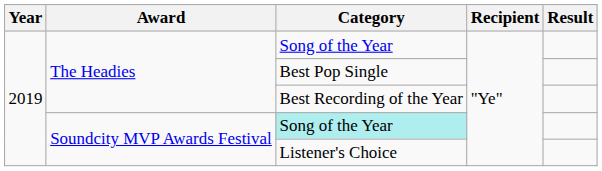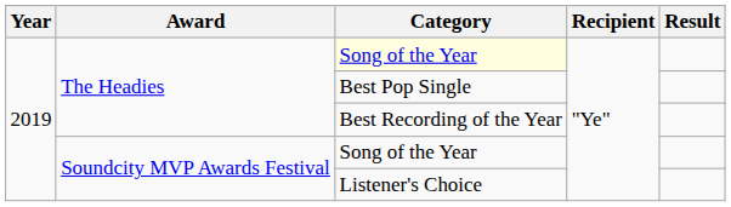 <table class="wikitable sortable">
 <tr>
 <th>Year</th>
 <th>Award</th>
 <th>Category</th>
 <th>Recipient</th>
 <th>Result</th>
 </tr>
 <tr>
 <td rowspan = "5">2019</td>
 <td rowspan="3"><a href='#'>The Headies</a></td>
-<td><a href='#'>Song of the Year</a></td>
+<td style="background: lightyellow;"><a href='#'>Song of the Year</a></td>
 <td rowspan="5">"Ye"</td>
 <td></td>
 </tr>
 <tr>
 <td>Best Pop Single</td>
 <td></td>
 </tr>
 <tr>
 <td>Best Recording of the Year</td>
 <td></td>
 </tr>
 <tr>
 <td rowspan="2"><a href='#'>Soundcity MVP Awards Festival</a></td>
-<td style="background: paleturquoise;">Song of the Year</td>
+<td>Song of the Year</td>
 <td></td>
 </tr>
 <tr>
 <td>Listener's Choice</td>
 <td></td>
 </tr>
 </table>
